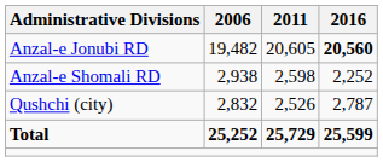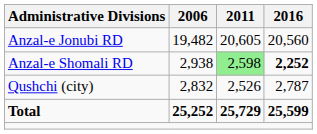 <table class="wikitable">
 <tr>
 <th>Administrative Divisions</th>
 <th>2006</th>
 <th>2011</th>
 <th>2016</th>
 </tr>
 <tr>
 <td><a href='#'>Anzal-e Jonubi RD</a></td>
 <td style="text-align: right;">19,482</td>
 <td style="text-align: right;">20,605</td>
-<td style="text-align: right;"><strong>20,560</strong></td>
+<td style="text-align: right;">20,560</td>
 </tr>
 <tr>
 <td><a href='#'>Anzal-e Shomali RD</a></td>
 <td style="text-align: right;">2,938</td>
-<td style="text-align: right;">2,598</td>
-<td style="text-align: right;">2,252</td>
+<td style="background: lightgreen; text-align: right;">2,598</td>
+<td style="text-align: right;"><strong>2,252</strong></td>
 </tr>
 <tr>
 <td><a href='#'>Qushchi</a> (city)</td>
 <td style="text-align: right;">2,832</td>
 <td style="text-align: right;">2,526</td>
 <td style="text-align: right;">2,787</td>
 </tr>
 <tr>
 <td><strong>Total</strong></td>
 <td style="text-align: right;"><strong>25,252</strong></td>
 <td style="text-align: right;"><strong>25,729</strong></td>
 <td style="text-align: right;"><strong>25,599</strong></td>
 </tr>
 <tr>
 <td colspan=4></td>
 </tr>
 </table>
